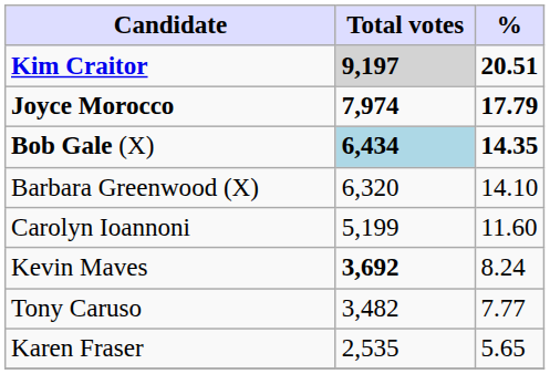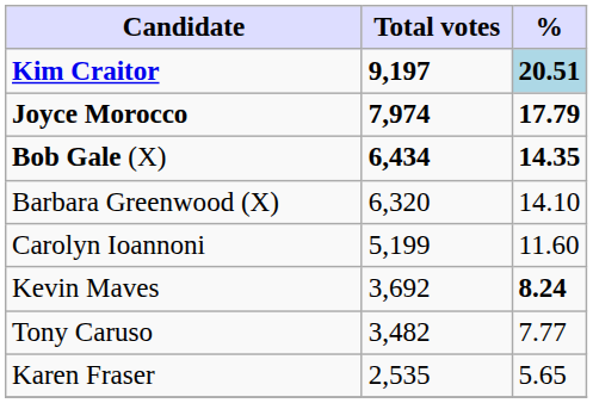 <table class="wikitable">
 <tr>
 <th style="background:#ddf; width:200px;">Candidate</th>
 <th style="background:#ddf; width:80px;">Total votes</th>
 <th style="background:#ddf; width:30px;">%</th>
 </tr>
 <tr>
 <td><strong><a href='#'>Kim Craitor</a></strong></td>
-<td style="background: lightgrey;"><strong>9,197</strong></td>
-<td><strong>20.51</strong></td>
+<td><strong>9,197</strong></td>
+<td style="background: lightblue;"><strong>20.51</strong></td>
 </tr>
 <tr>
 <td><strong>Joyce Morocco</strong></td>
 <td><strong>7,974</strong></td>
 <td><strong>17.79</strong></td>
 </tr>
 <tr>
 <td><strong>Bob Gale</strong> (X)</td>
-<td style="background: lightblue;"><strong>6,434</strong></td>
+<td><strong>6,434</strong></td>
 <td><strong>14.35</strong></td>
 </tr>
 <tr>
 <td>Barbara Greenwood (X)</td>
 <td>6,320</td>
 <td>14.10</td>
 </tr>
 <tr>
 <td>Carolyn Ioannoni</td>
 <td>5,199</td>
 <td>11.60</td>
 </tr>
 <tr>
 <td>Kevin Maves</td>
-<td><strong>3,692</strong></td>
-<td>8.24</td>
+<td>3,692</td>
+<td><strong>8.24</strong></td>
 </tr>
 <tr>
 <td>Tony Caruso</td>
 <td>3,482</td>
 <td>7.77</td>
 </tr>
 <tr>
 <td>Karen Fraser</td>
 <td>2,535</td>
 <td>5.65</td>
 </tr>
 <tr>
 </tr>
 </table>
